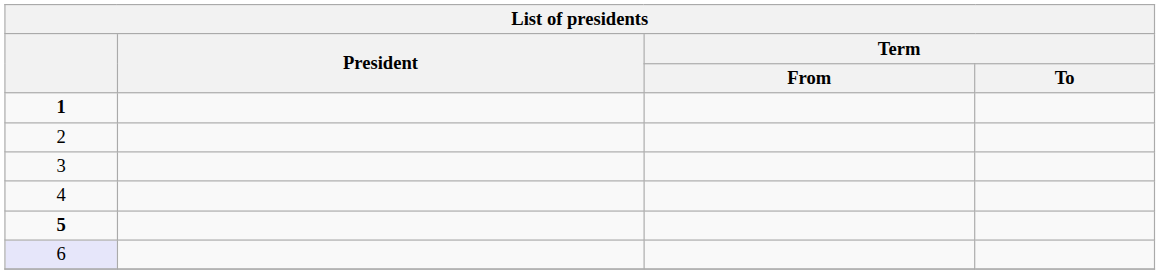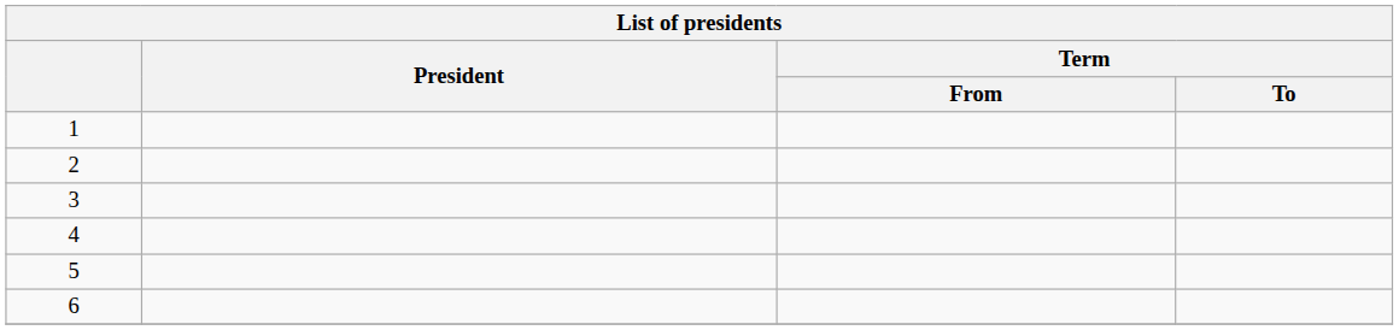 <table class="wikitable" style="margin-left: auto; margin-right: auto; text-align:center;" width=50%>
 <tr>
 <th colspan=5>List of presidents</th>
 </tr>
 <tr>
 <th rowspan=2></th>
 <th rowspan=2>President</th>
 <th colspan=2>Term</th>
 </tr>
 <tr>
 <th>From</th>
 <th>To</th>
 </tr>
 <tr>
-<td><strong> 1</strong></td>
+<td> 1</td>
 <td></td>
 <td></td>
 <td></td>
 </tr>
 <tr>
 <td> 2</td>
 <td></td>
 <td></td>
 <td></td>
 </tr>
 <tr>
 <td> 3</td>
 <td></td>
 <td></td>
 <td></td>
 </tr>
 <tr>
 <td> 4</td>
 <td></td>
 <td></td>
 <td></td>
 </tr>
 <tr>
-<td><strong> 5</strong></td>
+<td> 5</td>
 <td></td>
 <td></td>
 <td></td>
 </tr>
 <tr>
-<td style="background: lavender;"> 6</td>
+<td> 6</td>
 <td></td>
 <td></td>
 <td></td>
 </tr>
 <tr>
 </tr>
 </table>
